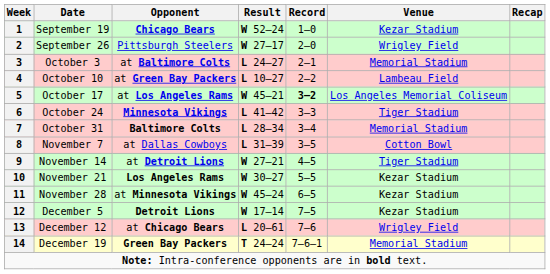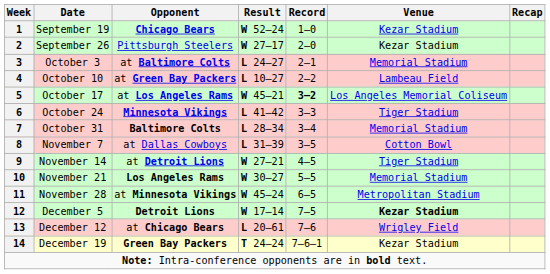 <table class="wikitable" style="text-align:center">
 <tr>
 <th>Week</th>
 <th>Date</th>
 <th>Opponent</th>
 <th>Result</th>
 <th>Record</th>
 <th>Venue</th>
 <th>Recap</th>
 </tr>
 <tr style="background:#cfc">
 <th>1</th>
 <td>September 19</td>
 <td><strong><a href='#'>Chicago Bears</a></strong></td>
 <td><strong>W</strong> 52–24</td>
 <td>1–0</td>
 <td><a href='#'>Kezar Stadium</a></td>
 <td></td>
 </tr>
 <tr style="background:#cfc">
 <th>2</th>
 <td>September 26</td>
 <td><a href='#'>Pittsburgh Steelers</a></td>
 <td><strong>W</strong> 27–17</td>
 <td>2–0</td>
-<td><a href='#'>Wrigley Field</a></td>
+<td>Kezar Stadium</td>
 <td></td>
 </tr>
 <tr style="background:#fcc">
 <th>3</th>
 <td>October 3</td>
 <td>at <strong><a href='#'>Baltimore Colts</a></strong></td>
 <td><strong>L</strong> 24–27</td>
 <td>2–1</td>
 <td><a href='#'>Memorial Stadium</a></td>
 <td></td>
 </tr>
 <tr style="background:#fcc">
 <th>4</th>
 <td>October 10</td>
 <td>at <strong><a href='#'>Green Bay Packers</a></strong></td>
 <td><strong>L</strong> 10–27</td>
 <td>2–2</td>
 <td><a href='#'>Lambeau Field</a></td>
 <td></td>
 </tr>
 <tr style="background:#cfc">
 <th>5</th>
 <td>October 17</td>
 <td>at <strong><a href='#'>Los Angeles Rams</a></strong></td>
 <td><strong>W</strong> 45–21</td>
 <td><strong>3–2</strong></td>
 <td><a href='#'>Los Angeles Memorial Coliseum</a></td>
 <td></td>
 </tr>
 <tr style="background:#fcc">
 <th>6</th>
 <td>October 24</td>
 <td><strong><a href='#'>Minnesota Vikings</a></strong></td>
 <td><strong>L</strong> 41–42</td>
 <td>3–3</td>
 <td><a href='#'>Tiger Stadium</a></td>
 <td></td>
 </tr>
 <tr style="background:#fcc">
 <th>7</th>
 <td>October 31</td>
 <td><strong>Baltimore Colts</strong></td>
 <td><strong>L</strong> 28–34</td>
 <td>3–4</td>
 <td><a href='#'>Memorial Stadium</a></td>
 <td></td>
 </tr>
 <tr style="background:#fcc">
 <th>8</th>
 <td>November 7</td>
 <td>at <a href='#'>Dallas Cowboys</a></td>
 <td><strong>L</strong> 31–39</td>
 <td>3–5</td>
 <td><a href='#'>Cotton Bowl</a></td>
 <td></td>
 </tr>
 <tr style="background:#cfc">
 <th>9</th>
 <td>November 14</td>
 <td>at  <strong><a href='#'>Detroit Lions</a></strong></td>
 <td><strong>W</strong> 27–21</td>
 <td>4–5</td>
 <td><a href='#'>Tiger Stadium</a></td>
 <td></td>
 </tr>
 <tr style="background:#cfc">
 <th>10</th>
 <td>November 21</td>
 <td><strong>Los Angeles Rams</strong></td>
 <td><strong>W</strong> 30–27</td>
 <td>5–5</td>
-<td>Kezar Stadium</td>
+<td><a href='#'>Memorial Stadium</a></td>
 <td></td>
 </tr>
 <tr style="background:#cfc">
 <th>11</th>
 <td>November 28</td>
 <td>at <strong>Minnesota Vikings</strong></td>
 <td><strong>W</strong> 45–24</td>
 <td>6–5</td>
-<td>Kezar Stadium</td>
+<td><a href='#'>Metropolitan Stadium</a></td>
 <td></td>
 </tr>
 <tr style="background:#cfc">
 <th>12</th>
 <td>December 5</td>
 <td><strong>Detroit Lions</strong></td>
 <td><strong>W</strong> 17–14</td>
 <td>7–5</td>
-<td>Kezar Stadium</td>
+<td><strong>Kezar Stadium</strong></td>
 <td></td>
 </tr>
 <tr style="background:#fcc">
 <th>13</th>
 <td>December 12</td>
 <td>at <strong>Chicago Bears</strong></td>
 <td><strong>L</strong> 20–61</td>
 <td>7–6</td>
 <td><a href='#'>Wrigley Field</a></td>
 <td></td>
 </tr>
 <tr style="background:#ffc">
 <th>14</th>
 <td>December 19</td>
 <td><strong>Green Bay Packers</strong></td>
 <td><strong>T</strong> 24–24</td>
 <td>7–6–1</td>
-<td><a href='#'>Memorial Stadium</a></td>
+<td>Kezar Stadium</td>
 <td></td>
 </tr>
 <tr>
 <td colspan="8"><strong>Note:</strong> Intra-conference opponents are in <strong>bold</strong> text.</td>
 </tr>
 </table>
